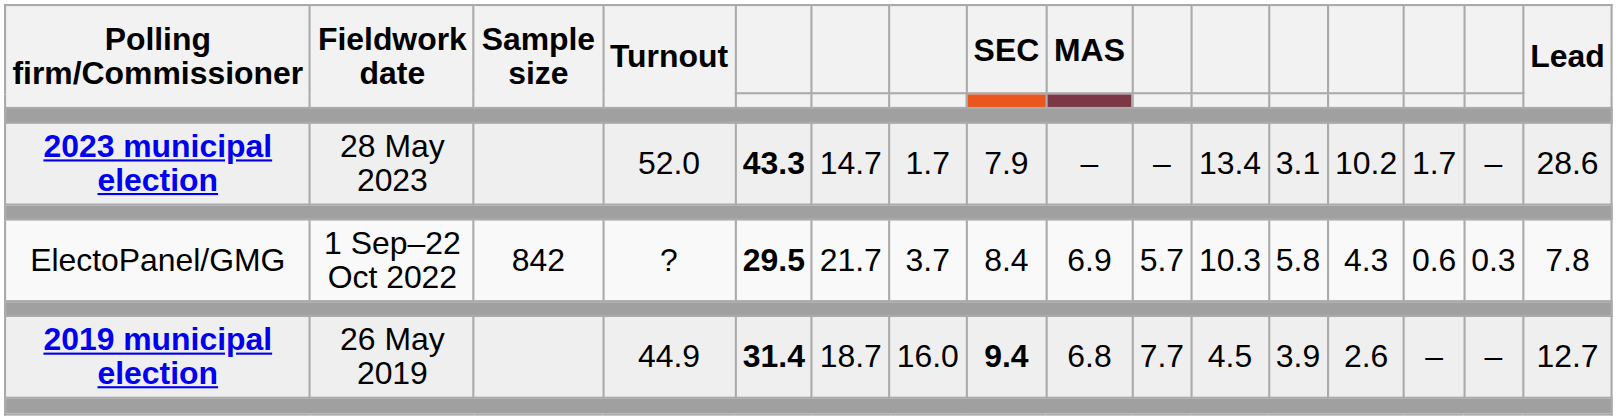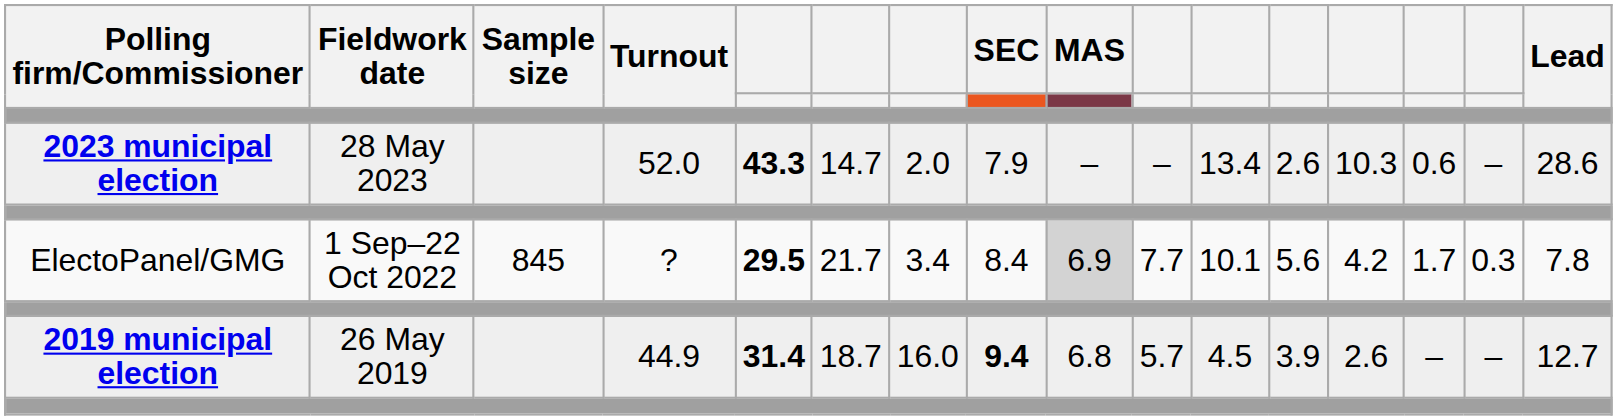 <table class="wikitable collapsible collapsed" style="text-align:center; font-size:95%; line-height:16px;">
 <tr style="height:42px;">
 <th style="width:250px;" rowspan="2">Polling firm/Commissioner</th>
 <th style="width:125px;" rowspan="2">Fieldwork date</th>
 <th style="width:50px;" rowspan="2">Sample size</th>
 <th style="width:45px;" rowspan="2">Turnout</th>
 <th style="width:35px;"></th>
 <th style="width:35px;"></th>
 <th style="width:35px;"></th>
 <th style="width:35px;">SEC</th>
 <th style="width:35px;">MAS</th>
 <th style="width:35px;"></th>
 <th style="width:35px;"></th>
 <th style="width:35px;"><br></th>
 <th style="width:35px;"></th>
 <th style="width:35px;"></th>
 <th style="width:35px;"></th>
 <th style="width:30px;" rowspan="2">Lead</th>
 </tr>
 <tr>
 <th style="color:inherit;background:"></th>
 <th style="color:inherit;background:"></th>
 <th style="color:inherit;background:"></th>
 <th style="color:inherit;background:#EB561F;"></th>
 <th style="color:inherit;background:#7B3746;"></th>
 <th style="color:inherit;background:"></th>
 <th style="color:inherit;background:"></th>
 <th style="color:inherit;background:"></th>
 <th style="color:inherit;background:"></th>
 <th style="color:inherit;background:"></th>
 <th style="color:inherit;background:"></th>
 </tr>
 <tr>
 <td colspan="16" style="background:#A0A0A0"></td>
 </tr>
 <tr style="background:#EFEFEF;">
 <td><strong><a href='#'>2023 municipal election</a></strong></td>
 <td>28 May 2023</td>
 <td></td>
 <td>52.0</td>
 <td><strong>43.3</strong><br></td>
 <td>14.7<br></td>
-<td>1.7<br></td>
+<td>2.0<br></td>
 <td>7.9<br></td>
 <td>–</td>
 <td>–</td>
 <td>13.4<br></td>
-<td>3.1<br></td>
-<td>10.2<br></td>
-<td>1.7<br></td>
+<td>2.6<br></td>
+<td>10.3<br></td>
+<td>0.6<br></td>
 <td>–</td>
 <td style="background:">28.6</td>
 </tr>
 <tr>
 <td colspan="16" style="background:#A0A0A0"></td>
 </tr>
 <tr>
 <td>ElectoPanel/GMG</td>
 <td>1 Sep–22 Oct 2022</td>
-<td>842</td>
+<td>845</td>
 <td>?</td>
 <td><strong>29.5</strong><br></td>
 <td>21.7<br></td>
-<td>3.7<br></td>
+<td>3.4<br></td>
 <td>8.4<br></td>
-<td>6.9<br></td>
-<td>5.7<br></td>
-<td>10.3<br></td>
-<td>5.8<br></td>
-<td>4.3<br></td>
-<td>0.6<br></td>
+<td style="background: lightgrey;">6.9<br></td>
+<td>7.7<br></td>
+<td>10.1<br></td>
+<td>5.6<br></td>
+<td>4.2<br></td>
+<td>1.7<br></td>
 <td>0.3<br></td>
 <td style="background:">7.8</td>
 </tr>
 <tr>
 <td colspan="16" style="background:#A0A0A0"></td>
 </tr>
 <tr style="background:#EFEFEF;">
 <td><strong><a href='#'>2019 municipal election</a></strong></td>
 <td>26 May 2019</td>
 <td></td>
 <td>44.9</td>
 <td><strong>31.4</strong><br></td>
 <td>18.7<br></td>
 <td>16.0<br></td>
 <td><strong>9.4<br></strong></td>
 <td>6.8<br></td>
-<td>7.7<br></td>
+<td>5.7<br></td>
 <td>4.5<br></td>
 <td>3.9<br></td>
 <td>2.6<br></td>
 <td>–</td>
 <td>–</td>
 <td style="background:">12.7</td>
 </tr>
 <tr>
 <td colspan="16" style="background:#A0A0A0"></td>
 </tr>
 </table>
